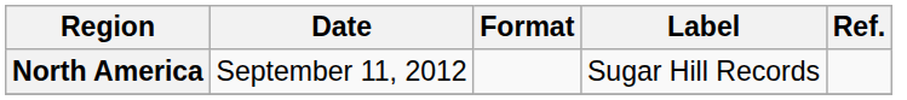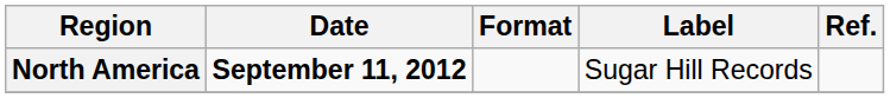 <table class="wikitable plainrowheaders">
 <tr>
 <th scope="col">Region</th>
 <th scope="col">Date</th>
 <th scope="col">Format</th>
 <th scope="col">Label</th>
 <th scope="col">Ref.</th>
 </tr>
 <tr>
 <th scope="row">North America</th>
-<td>September 11, 2012</td>
+<td><strong>September 11, 2012</strong></td>
 <td></td>
 <td>Sugar Hill Records</td>
 <td></td>
 </tr>
 <tr>
 </tr>
 </table>
